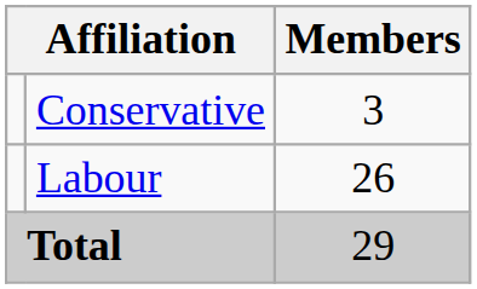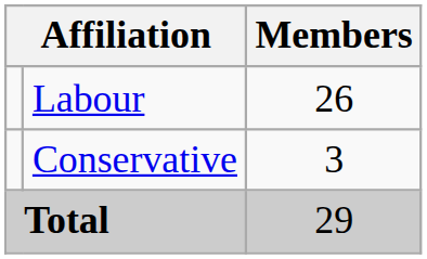 <table class="wikitable">
 <tr>
 <th colspan="2">Affiliation</th>
 <th>Members</th>
 </tr>
 <tr>
 <td></td>
-<td><a href='#'>Conservative</a></td>
-<td style="text-align:center;">3</td>
+<td><a href='#'>Labour</a></td>
+<td style="text-align:center;">26</td>
 </tr>
 <tr>
 <td></td>
-<td><a href='#'>Labour</a></td>
-<td style="text-align:center;">26</td>
+<td><a href='#'>Conservative</a></td>
+<td style="text-align:center;">3</td>
 </tr>
 <tr style="background:#ccc;">
 <td colspan="2"> <strong>Total</strong></td>
 <td style="text-align:center;">29</td>
 </tr>
 </table>
